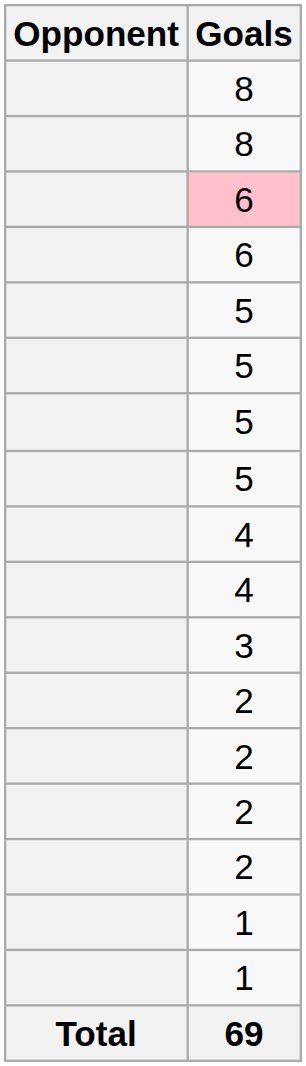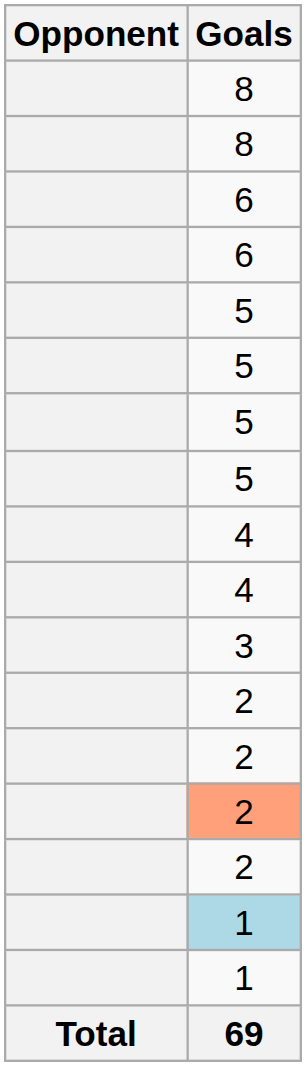 <table class="wikitable plainrowheaders sortable" style="text-align:center; font-size:95%">
 <tr>
 <th scope="col">Opponent</th>
 <th scope="col">Goals</th>
 </tr>
 <tr>
 <th scope="row"></th>
 <td>8</td>
 </tr>
 <tr>
 <th scope="row"></th>
 <td>8</td>
 </tr>
 <tr>
 <th scope="row"></th>
-<td style="background: pink;">6</td>
+<td>6</td>
 </tr>
 <tr>
 <th scope="row"></th>
 <td>6</td>
 </tr>
 <tr>
 <th scope="row"></th>
 <td>5</td>
 </tr>
 <tr>
 <th scope="row"></th>
 <td>5</td>
 </tr>
 <tr>
 <th scope="row"></th>
 <td>5</td>
 </tr>
 <tr>
 <th scope="row"></th>
 <td>5</td>
 </tr>
 <tr>
 <th scope="row"></th>
 <td>4</td>
 </tr>
 <tr>
 <th scope="row"></th>
 <td>4</td>
 </tr>
 <tr>
 <th scope="row"></th>
 <td>3</td>
 </tr>
 <tr>
 <th scope="row"></th>
 <td>2</td>
 </tr>
 <tr>
 <th scope="row"></th>
 <td>2</td>
 </tr>
 <tr>
 <th scope="row"></th>
-<td>2</td>
+<td style="background: lightsalmon;">2</td>
 </tr>
 <tr>
 <th scope="row"></th>
 <td>2</td>
 </tr>
 <tr>
 <th scope="row"></th>
-<td>1</td>
+<td style="background: lightblue;">1</td>
 </tr>
 <tr>
 <th scope="row"></th>
 <td>1</td>
 </tr>
 <tr>
 <th>Total</th>
 <th>69</th>
 </tr>
 </table>
